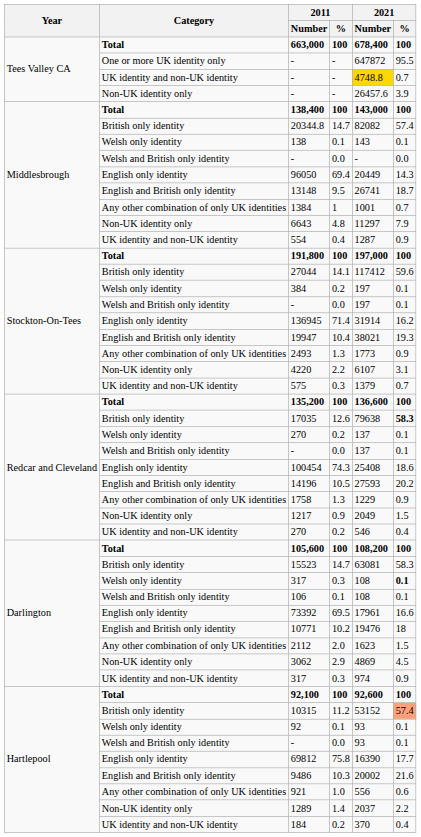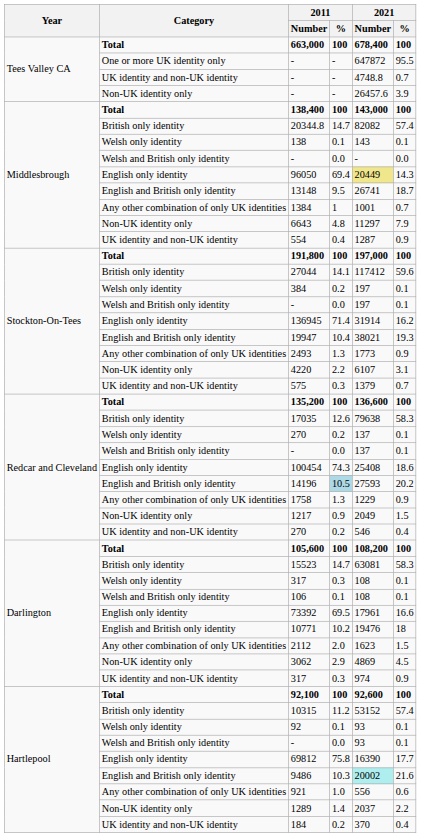 <table class="wikitable">
 <tr>
 <th rowspan="2">Year</th>
 <th rowspan="2">Category</th>
 <th colspan="2">2011</th>
 <th colspan="2">2021</th>
 </tr>
 <tr>
 <th>Number</th>
 <th>%</th>
 <th>Number</th>
 <th>%</th>
 </tr>
 <tr>
 <td rowspan="4">Tees Valley CA</td>
 <td><strong>Total</strong></td>
 <td><strong>663,000</strong></td>
 <td><strong>100</strong></td>
 <td><strong>678,400</strong></td>
 <td><strong>100</strong></td>
 </tr>
 <tr>
 <td>One  or more UK identity only</td>
 <td>-</td>
 <td>-</td>
 <td>647872</td>
 <td>95.5</td>
 </tr>
 <tr>
 <td>UK  identity and non-UK identity</td>
 <td>-</td>
 <td>-</td>
-<td style="background: gold;">4748.8</td>
+<td>4748.8</td>
 <td>0.7</td>
 </tr>
 <tr>
 <td>Non-UK  identity only</td>
 <td>-</td>
 <td>-</td>
 <td>26457.6</td>
 <td>3.9</td>
 </tr>
 <tr>
 <td rowspan="9">Middlesbrough</td>
 <td><strong>Total</strong></td>
 <td><strong>138,400</strong></td>
 <td><strong>100</strong></td>
 <td><strong>143,000</strong></td>
 <td><strong>100</strong></td>
 </tr>
 <tr>
 <td>British  only identity</td>
 <td>20344.8</td>
 <td>14.7</td>
 <td>82082</td>
 <td>57.4</td>
 </tr>
 <tr>
 <td>Welsh  only identity</td>
 <td>138</td>
 <td>0.1</td>
 <td>143</td>
 <td>0.1</td>
 </tr>
 <tr>
 <td>Welsh  and British only identity</td>
 <td>-</td>
 <td>0.0</td>
 <td>-</td>
 <td>0.0</td>
 </tr>
 <tr>
 <td>English  only identity</td>
 <td>96050</td>
 <td>69.4</td>
-<td>20449</td>
+<td style="background: khaki;">20449</td>
 <td>14.3</td>
 </tr>
 <tr>
 <td>English  and British only identity</td>
 <td>13148</td>
 <td>9.5</td>
 <td>26741</td>
 <td>18.7</td>
 </tr>
 <tr>
 <td>Any other  combination of only UK identities</td>
 <td>1384</td>
 <td>1</td>
 <td>1001</td>
 <td>0.7</td>
 </tr>
 <tr>
 <td>Non-UK  identity only</td>
 <td>6643</td>
 <td>4.8</td>
 <td>11297</td>
 <td>7.9</td>
 </tr>
 <tr>
 <td>UK  identity and non-UK identity</td>
 <td>554</td>
 <td>0.4</td>
 <td>1287</td>
 <td>0.9</td>
 </tr>
 <tr>
 <td rowspan="9">Stockton-On-Tees</td>
 <td><strong>Total</strong></td>
 <td><strong>191,800</strong></td>
 <td><strong>100</strong></td>
 <td><strong>197,000</strong></td>
 <td><strong>100</strong></td>
 </tr>
 <tr>
 <td>British  only identity</td>
 <td>27044</td>
 <td>14.1</td>
 <td>117412</td>
 <td>59.6</td>
 </tr>
 <tr>
 <td>Welsh  only identity</td>
 <td>384</td>
 <td>0.2</td>
 <td>197</td>
 <td>0.1</td>
 </tr>
 <tr>
 <td>Welsh  and British only identity</td>
 <td>-</td>
 <td>0.0</td>
 <td>197</td>
 <td>0.1</td>
 </tr>
 <tr>
 <td>English  only identity</td>
 <td>136945</td>
 <td>71.4</td>
 <td>31914</td>
 <td>16.2</td>
 </tr>
 <tr>
 <td>English  and British only identity</td>
 <td>19947</td>
 <td>10.4</td>
 <td>38021</td>
 <td>19.3</td>
 </tr>
 <tr>
 <td>Any other  combination of only UK identities</td>
 <td>2493</td>
 <td>1.3</td>
 <td>1773</td>
 <td>0.9</td>
 </tr>
 <tr>
 <td>Non-UK  identity only</td>
 <td>4220</td>
 <td>2.2</td>
 <td>6107</td>
 <td>3.1</td>
 </tr>
 <tr>
 <td>UK  identity and non-UK identity</td>
 <td>575</td>
 <td>0.3</td>
 <td>1379</td>
 <td>0.7</td>
 </tr>
 <tr>
 <td rowspan="9">Redcar and Cleveland</td>
 <td><strong>Total</strong></td>
 <td><strong>135,200</strong></td>
 <td><strong>100</strong></td>
 <td><strong>136,600</strong></td>
 <td><strong>100</strong></td>
 </tr>
 <tr>
 <td>British  only identity</td>
 <td>17035</td>
 <td>12.6</td>
 <td>79638</td>
-<td><strong>58.3</strong></td>
+<td>58.3</td>
 </tr>
 <tr>
 <td>Welsh  only identity</td>
 <td>270</td>
 <td>0.2</td>
 <td>137</td>
 <td>0.1</td>
 </tr>
 <tr>
 <td>Welsh  and British only identity</td>
 <td>-</td>
 <td>0.0</td>
 <td>137</td>
 <td>0.1</td>
 </tr>
 <tr>
 <td>English  only identity</td>
 <td>100454</td>
 <td>74.3</td>
 <td>25408</td>
 <td>18.6</td>
 </tr>
 <tr>
 <td>English  and British only identity</td>
 <td>14196</td>
-<td>10.5</td>
+<td style="background: lightblue;">10.5</td>
 <td>27593</td>
 <td>20.2</td>
 </tr>
 <tr>
 <td>Any other  combination of only UK identities</td>
 <td>1758</td>
 <td>1.3</td>
 <td>1229</td>
 <td>0.9</td>
 </tr>
 <tr>
 <td>Non-UK  identity only</td>
 <td>1217</td>
 <td>0.9</td>
 <td>2049</td>
 <td>1.5</td>
 </tr>
 <tr>
 <td>UK  identity and non-UK identity</td>
 <td>270</td>
 <td>0.2</td>
 <td>546</td>
 <td>0.4</td>
 </tr>
 <tr>
 <td rowspan="9">Darlington</td>
 <td><strong>Total</strong></td>
 <td><strong>105,600</strong></td>
 <td><strong>100</strong></td>
 <td><strong>108,200</strong></td>
 <td><strong>100</strong></td>
 </tr>
 <tr>
 <td>British  only identity</td>
 <td>15523</td>
 <td>14.7</td>
 <td>63081</td>
 <td>58.3</td>
 </tr>
 <tr>
 <td>Welsh  only identity</td>
 <td>317</td>
 <td>0.3</td>
 <td>108</td>
-<td><strong>0.1</strong></td>
+<td>0.1</td>
 </tr>
 <tr>
 <td>Welsh  and British only identity</td>
 <td>106</td>
 <td>0.1</td>
 <td>108</td>
 <td>0.1</td>
 </tr>
 <tr>
 <td>English  only identity</td>
 <td>73392</td>
 <td>69.5</td>
 <td>17961</td>
 <td>16.6</td>
 </tr>
 <tr>
 <td>English  and British only identity</td>
 <td>10771</td>
 <td>10.2</td>
 <td>19476</td>
 <td>18</td>
 </tr>
 <tr>
 <td>Any other  combination of only UK identities</td>
 <td>2112</td>
 <td>2.0</td>
 <td>1623</td>
 <td>1.5</td>
 </tr>
 <tr>
 <td>Non-UK  identity only</td>
 <td>3062</td>
 <td>2.9</td>
 <td>4869</td>
 <td>4.5</td>
 </tr>
 <tr>
 <td>UK  identity and non-UK identity</td>
 <td>317</td>
 <td>0.3</td>
 <td>974</td>
 <td>0.9</td>
 </tr>
 <tr>
 <td rowspan="9">Hartlepool</td>
 <td><strong>Total</strong></td>
 <td><strong>92,100</strong></td>
 <td><strong>100</strong></td>
 <td><strong>92,600</strong></td>
 <td><strong>100</strong></td>
 </tr>
 <tr>
 <td>British  only identity</td>
 <td>10315</td>
 <td>11.2</td>
 <td>53152</td>
-<td style="background: lightsalmon;">57.4</td>
+<td>57.4</td>
 </tr>
 <tr>
 <td>Welsh  only identity</td>
 <td>92</td>
 <td>0.1</td>
 <td>93</td>
 <td>0.1</td>
 </tr>
 <tr>
 <td>Welsh  and British only identity</td>
 <td>-</td>
 <td>0.0</td>
 <td>93</td>
 <td>0.1</td>
 </tr>
 <tr>
 <td>English  only identity</td>
 <td>69812</td>
 <td>75.8</td>
 <td>16390</td>
 <td>17.7</td>
 </tr>
 <tr>
 <td>English  and British only identity</td>
 <td>9486</td>
 <td>10.3</td>
-<td>20002</td>
+<td style="background: paleturquoise;">20002</td>
 <td>21.6</td>
 </tr>
 <tr>
 <td>Any other  combination of only UK identities</td>
 <td>921</td>
 <td>1.0</td>
 <td>556</td>
 <td>0.6</td>
 </tr>
 <tr>
 <td>Non-UK  identity only</td>
 <td>1289</td>
 <td>1.4</td>
 <td>2037</td>
 <td>2.2</td>
 </tr>
 <tr>
 <td>UK  identity and non-UK identity</td>
 <td>184</td>
 <td>0.2</td>
 <td>370</td>
 <td>0.4</td>
 </tr>
 </table>
